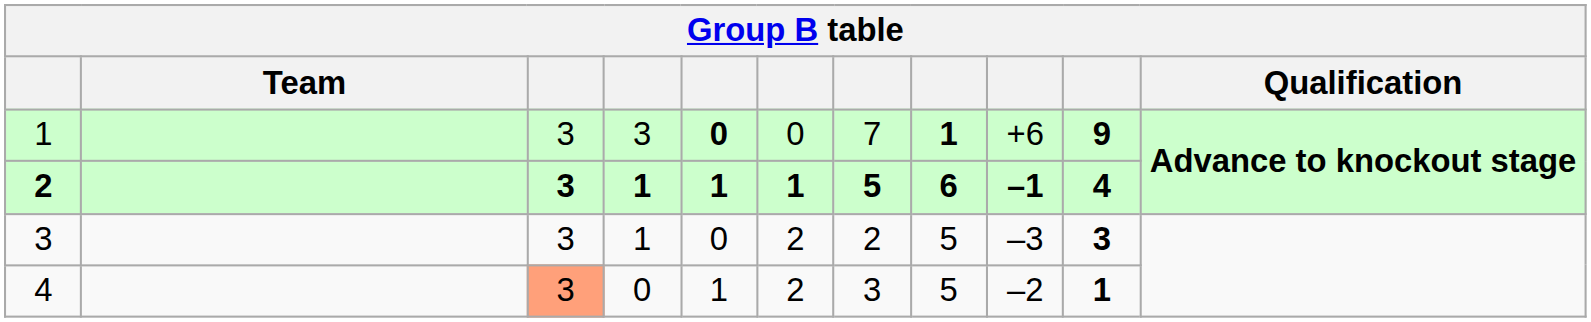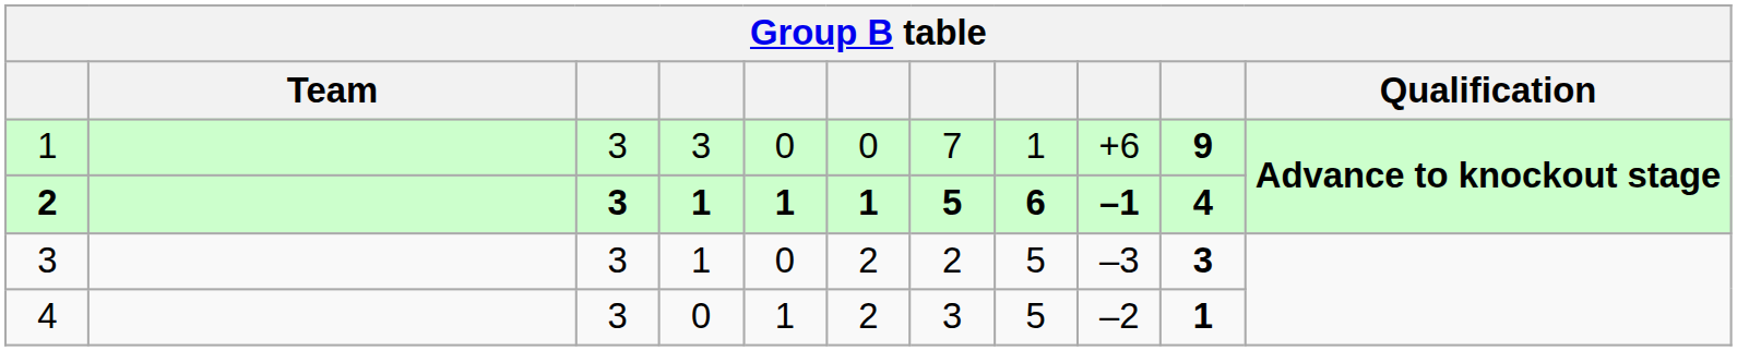 <table class="wikitable" style="text-align:center">
 <tr>
 <th colspan="11"><a href='#'>Group B</a> table</th>
 </tr>
 <tr>
 <th width="30"></th>
 <th width="210">Team</th>
 <th width="30"></th>
 <th width="30"></th>
 <th width="30"></th>
 <th width="30"></th>
 <th width="30"></th>
 <th width="30"></th>
 <th width="30"></th>
 <th width="30"></th>
 <th width="210">Qualification</th>
 </tr>
 <tr bgcolor="#ccffcc">
 <td>1</td>
 <td align="left"></td>
 <td>3</td>
 <td>3</td>
-<td><strong>0</strong></td>
+<td>0</td>
 <td>0</td>
 <td>7</td>
-<td><strong>1</strong></td>
+<td>1</td>
 <td>+6</td>
 <td><strong>9</strong></td>
 <td rowspan="2"><strong>Advance to knockout stage</strong></td>
 </tr>
 <tr bgcolor="#ccffcc">
 <td><strong>2</strong></td>
 <td align="left"><strong></strong></td>
 <td><strong>3</strong></td>
 <td><strong>1</strong></td>
 <td><strong>1</strong></td>
 <td><strong>1</strong></td>
 <td><strong>5</strong></td>
 <td><strong>6</strong></td>
 <td><strong>–1</strong></td>
 <td><strong>4</strong></td>
 </tr>
 <tr>
 <td>3</td>
 <td align="left"></td>
 <td>3</td>
 <td>1</td>
 <td>0</td>
 <td>2</td>
 <td>2</td>
 <td>5</td>
 <td>–3</td>
 <td><strong>3</strong></td>
 <td rowspan="2"></td>
 </tr>
 <tr>
 <td>4</td>
 <td align="left"></td>
-<td style="background: lightsalmon;">3</td>
+<td>3</td>
 <td>0</td>
 <td>1</td>
 <td>2</td>
 <td>3</td>
 <td>5</td>
 <td>–2</td>
 <td><strong>1</strong></td>
 </tr>
 </table>
